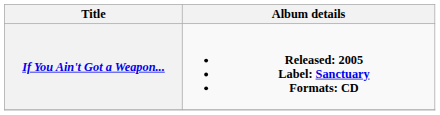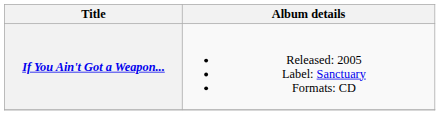 <table class="wikitable plainrowheaders" style="text-align:center;">
 <tr>
 <th scope="col" style="width:14em;">Title</th>
 <th scope="col" style="width:20em;">Album details</th>
 </tr>
 <tr>
 <th scope="row"><strong><em><a href='#'>If You Ain't Got a Weapon...</a></em></strong></th>
-<td><strong><br><ul><li>Released: 2005</li><li>Label: <a href='#'>Sanctuary</a></li><li>Formats: CD</li></ul></strong></td>
+<td><br><ul><li>Released: 2005</li><li>Label: <a href='#'>Sanctuary</a></li><li>Formats: CD</li></ul></td>
 </tr>
 <tr>
 </tr>
 </table>
